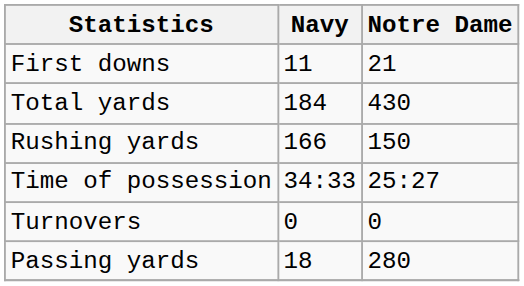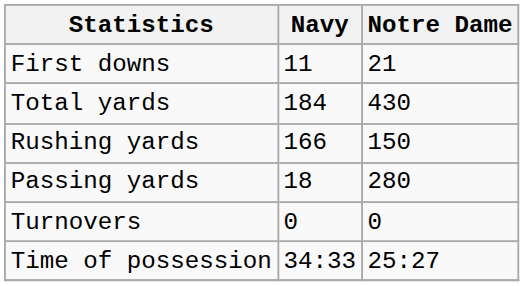 <table class="wikitable">
 <tr>
 <th>Statistics</th>
 <th>Navy</th>
 <th>Notre Dame</th>
 </tr>
 <tr>
 <td>First downs</td>
 <td>11</td>
 <td>21</td>
 </tr>
 <tr>
 <td>Total yards</td>
 <td>184</td>
 <td>430</td>
 </tr>
 <tr>
 <td>Rushing yards</td>
 <td>166</td>
 <td>150</td>
 </tr>
 <tr>
-<td>Time of possession</td>
-<td>34:33</td>
-<td>25:27</td>
+<td>Passing yards</td>
+<td>18</td>
+<td>280</td>
 </tr>
 <tr>
 <td>Turnovers</td>
 <td>0</td>
 <td>0</td>
 </tr>
 <tr>
-<td>Passing yards</td>
-<td>18</td>
-<td>280</td>
+<td>Time of possession</td>
+<td>34:33</td>
+<td>25:27</td>
 </tr>
 <tr>
 </tr>
 </table>
